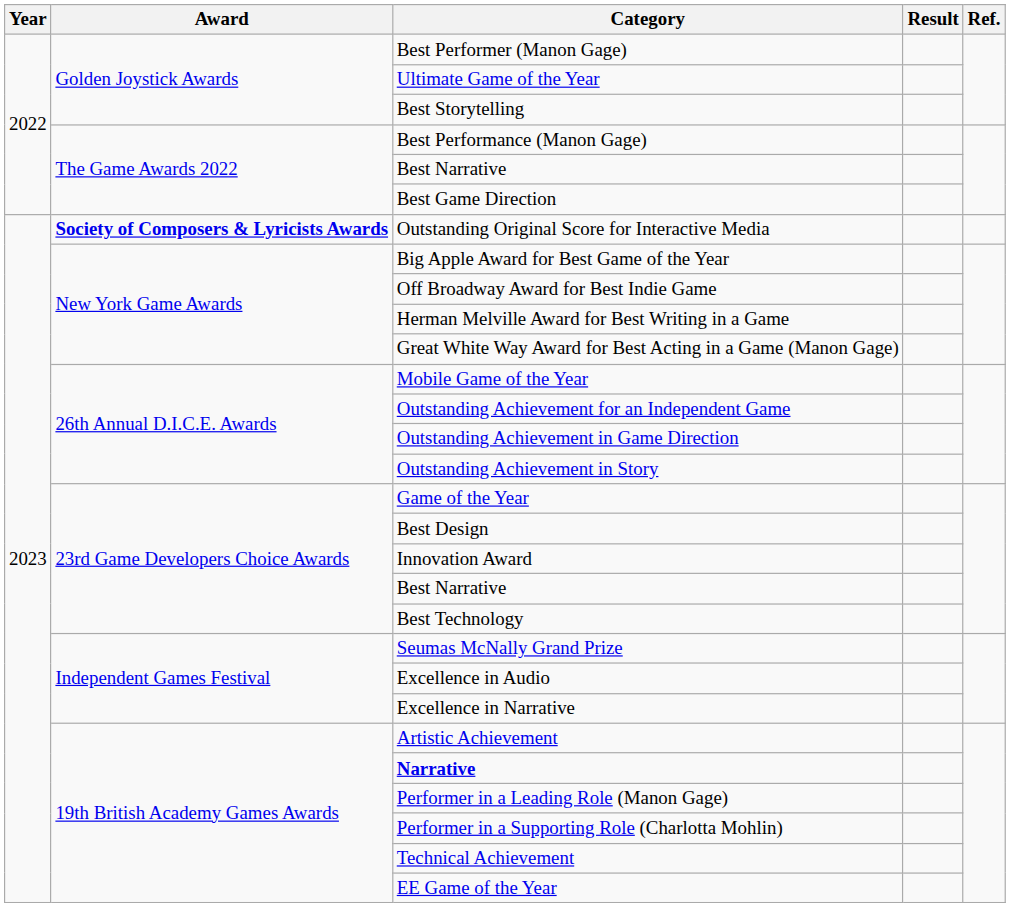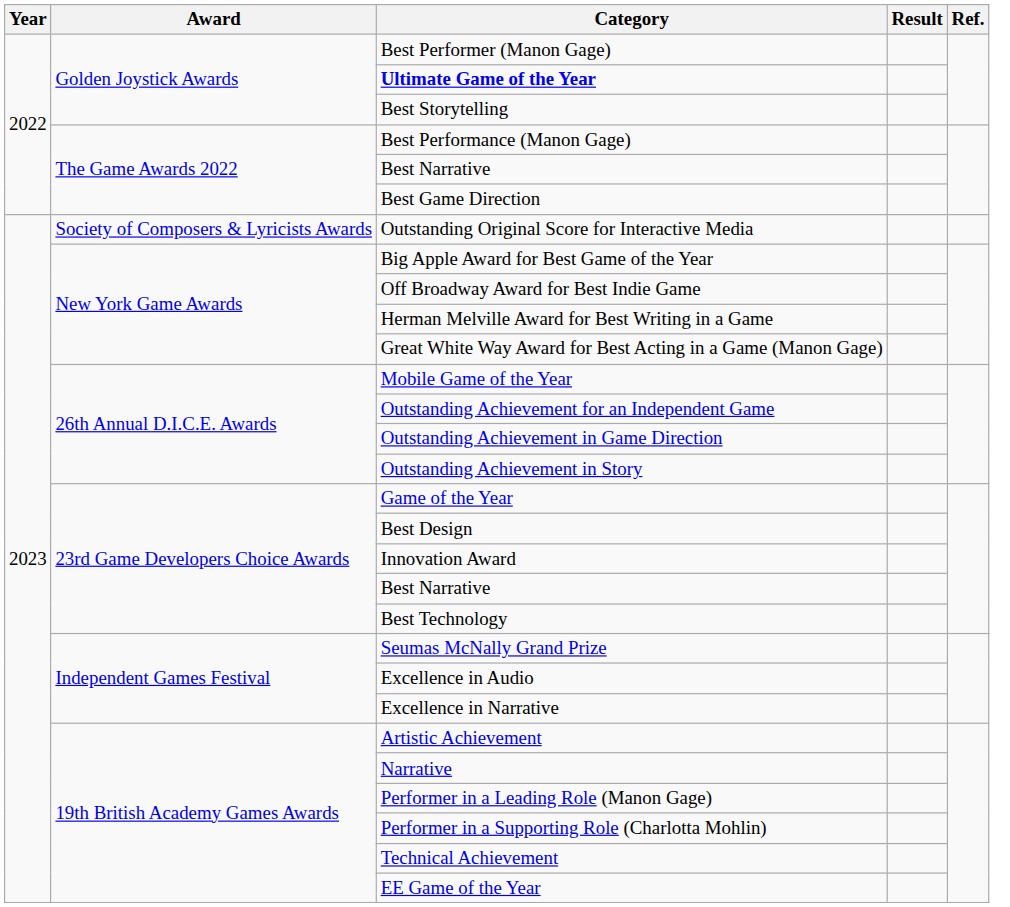 <table class="wikitable sortable">
 <tr>
 <th scope="col">Year</th>
 <th scope="col">Award</th>
 <th scope="col">Category</th>
 <th scope="col">Result</th>
 <th scope="col" class="unsortable">Ref.</th>
 </tr>
 <tr>
 <td rowspan="6">2022</td>
 <td rowspan="3"><a href='#'>Golden Joystick Awards</a></td>
 <td>Best Performer (Manon Gage)</td>
 <td></td>
 <td rowspan="3" style="text-align:center;"></td>
 </tr>
 <tr>
-<td><a href='#'>Ultimate Game of the Year</a></td>
+<td><strong><a href='#'>Ultimate Game of the Year</a></strong></td>
 <td></td>
 </tr>
 <tr>
 <td>Best Storytelling</td>
 <td></td>
 </tr>
 <tr>
 <td rowspan="3"><a href='#'>The Game Awards 2022</a></td>
 <td>Best Performance (Manon Gage)</td>
 <td></td>
 <td rowspan="3" style="text-align:center;"></td>
 </tr>
 <tr>
 <td>Best Narrative</td>
 <td></td>
 </tr>
 <tr>
 <td>Best Game Direction</td>
 <td></td>
 </tr>
 <tr>
 <td rowspan="23">2023</td>
-<td><strong><a href='#'>Society of Composers & Lyricists Awards</a></strong></td>
+<td><a href='#'>Society of Composers & Lyricists Awards</a></td>
 <td>Outstanding Original Score for Interactive Media</td>
 <td></td>
 <td style="text-align:center;"></td>
 </tr>
 <tr>
 <td rowspan="4"><a href='#'>New York Game Awards</a></td>
 <td>Big Apple Award for Best Game of the Year</td>
 <td></td>
 <td rowspan="4" style="text-align:center;"></td>
 </tr>
 <tr>
 <td>Off Broadway Award for Best Indie Game</td>
 <td></td>
 </tr>
 <tr>
 <td>Herman Melville Award for Best Writing in a Game</td>
 <td></td>
 </tr>
 <tr>
 <td>Great White Way Award for Best Acting in a Game (Manon Gage)</td>
 <td></td>
 </tr>
 <tr>
 <td rowspan="4"><a href='#'>26th Annual D.I.C.E. Awards</a></td>
 <td><a href='#'>Mobile Game of the Year</a></td>
 <td></td>
 <td rowspan="4" style="text-align:center;"></td>
 </tr>
 <tr>
 <td><a href='#'>Outstanding Achievement for an Independent Game</a></td>
 <td></td>
 </tr>
 <tr>
 <td><a href='#'>Outstanding Achievement in Game Direction</a></td>
 <td></td>
 </tr>
 <tr>
 <td><a href='#'>Outstanding Achievement in Story</a></td>
 <td></td>
 </tr>
 <tr>
 <td rowspan="5"><a href='#'>23rd Game Developers Choice Awards</a></td>
 <td><a href='#'>Game of the Year</a></td>
 <td></td>
 <td rowspan="5" style="text-align:center;"></td>
 </tr>
 <tr>
 <td>Best Design</td>
 <td></td>
 </tr>
 <tr>
 <td>Innovation Award</td>
 <td></td>
 </tr>
 <tr>
 <td>Best Narrative</td>
 <td></td>
 </tr>
 <tr>
 <td>Best Technology</td>
 <td></td>
 </tr>
 <tr>
 <td rowspan="3"><a href='#'>Independent Games Festival</a></td>
 <td><a href='#'>Seumas McNally Grand Prize</a></td>
 <td></td>
 <td rowspan="3" style="text-align:center;"></td>
 </tr>
 <tr>
 <td>Excellence in Audio</td>
 <td></td>
 </tr>
 <tr>
 <td>Excellence in Narrative</td>
 <td></td>
 </tr>
 <tr>
 <td rowspan="6"><a href='#'>19th British Academy Games Awards</a></td>
 <td><a href='#'>Artistic Achievement</a></td>
 <td></td>
 <td rowspan="6"></td>
 </tr>
 <tr>
-<td><strong><a href='#'>Narrative</a></strong></td>
+<td><a href='#'>Narrative</a></td>
 <td></td>
 </tr>
 <tr>
 <td><a href='#'>Performer in a Leading Role</a> (Manon Gage)</td>
 <td></td>
 </tr>
 <tr>
 <td><a href='#'>Performer in a Supporting Role</a> (Charlotta Mohlin)</td>
 <td></td>
 </tr>
 <tr>
 <td><a href='#'>Technical Achievement</a></td>
 <td></td>
 </tr>
 <tr>
 <td><a href='#'>EE Game of the Year</a></td>
 <td></td>
 </tr>
 </table>
